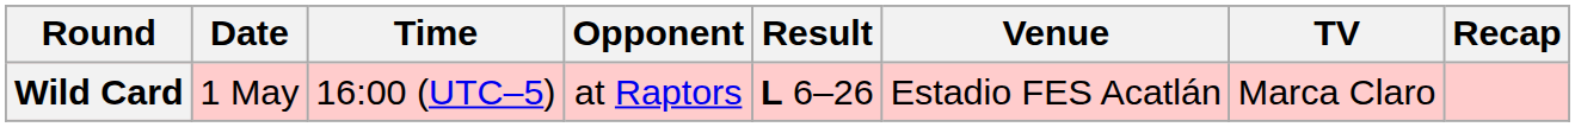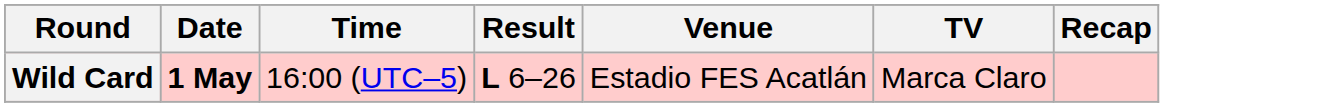 <table class="wikitable" style="text-align:center">
 <tr>
 <th>Round</th>
 <th>Date</th>
 <th>Time</th>
-<th>Opponent</th>
 <th>Result</th>
 <th>Venue</th>
 <th>TV</th>
 <th>Recap</th>
 </tr>
 <tr style="background:#fcc">
 <th>Wild Card</th>
-<td>1 May</td>
+<td><strong>1 May</strong></td>
 <td>16:00 (<a href='#'>UTC–5</a>)</td>
-<td>at <a href='#'>Raptors</a></td>
 <td><strong>L</strong> 6–26</td>
 <td>Estadio FES Acatlán</td>
 <td>Marca Claro</td>
 <td></td>
 </tr>
 </table>
